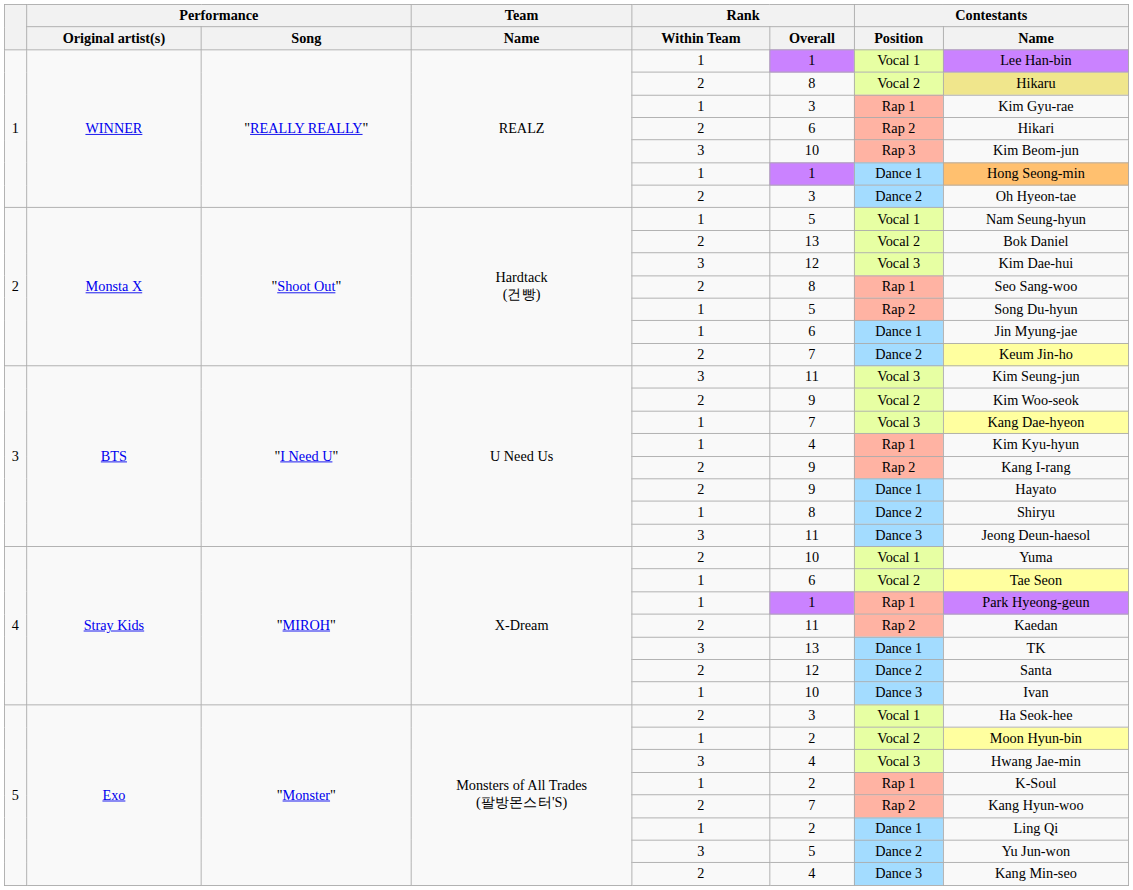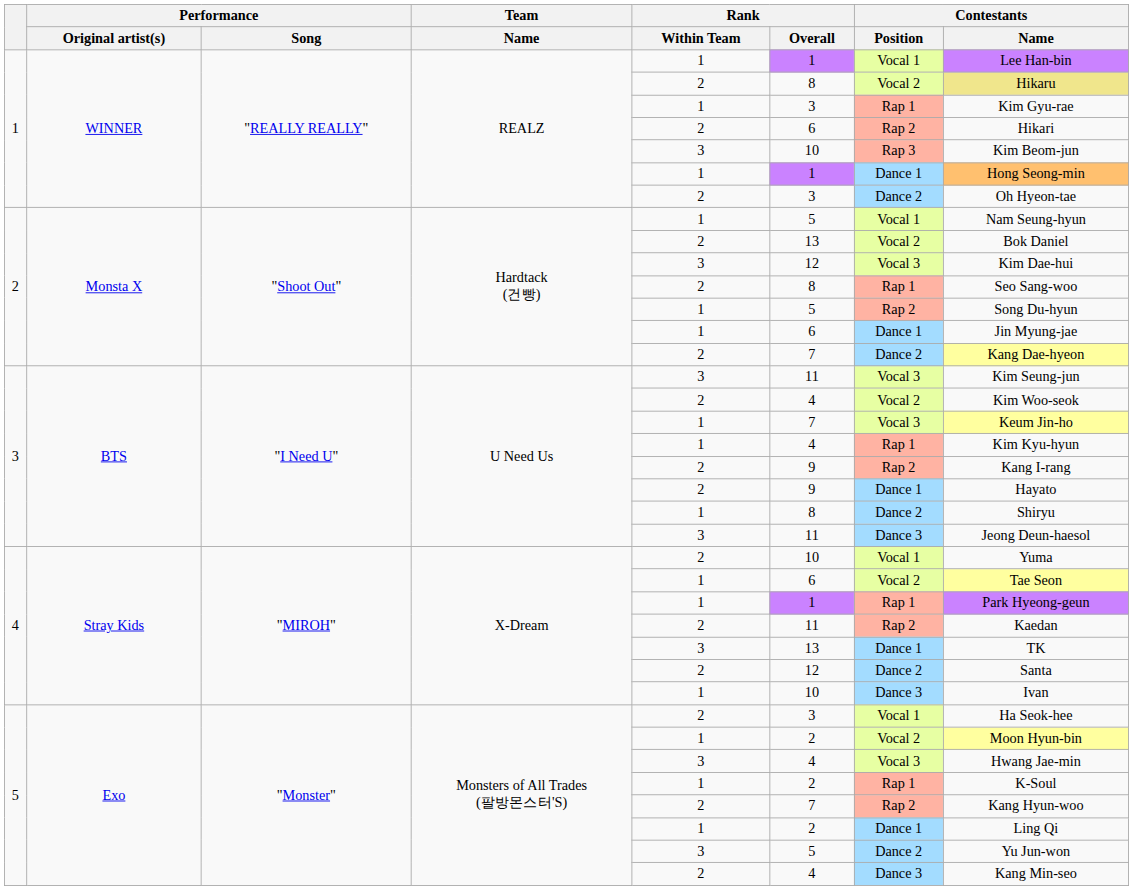 <table class="wikitable collapsible" style="width: 100%; text-align:center">
 <tr>
 <th rowspan="2"></th>
 <th colspan="2">Performance</th>
 <th>Team</th>
 <th colspan="2">Rank</th>
 <th colspan="2">Contestants</th>
 </tr>
 <tr>
 <th>Original artist(s)</th>
 <th>Song</th>
 <th>Name</th>
 <th>Within Team</th>
 <th>Overall</th>
 <th>Position</th>
 <th>Name</th>
 </tr>
 <tr>
 <td rowspan="7">1</td>
 <td rowspan="7"><a href='#'>WINNER</a></td>
 <td rowspan="7">"<a href='#'>REALLY REALLY</a>"</td>
 <td rowspan="7">REALZ</td>
 <td>1</td>
 <td style="background:#CA82FF">1</td>
 <td style="background:#E7FFA3">Vocal 1</td>
 <td style="background:#CA82FF">Lee Han-bin</td>
 </tr>
 <tr>
 <td>2</td>
 <td>8</td>
 <td style="background:#E7FFA3">Vocal 2</td>
 <td style="background: khaki;">Hikaru</td>
 </tr>
 <tr>
 <td>1</td>
 <td>3</td>
 <td style="background:#FFB3A3">Rap 1</td>
 <td>Kim Gyu-rae</td>
 </tr>
 <tr>
 <td>2</td>
 <td>6</td>
 <td style="background:#FFB3A3">Rap 2</td>
 <td>Hikari</td>
 </tr>
 <tr>
 <td>3</td>
 <td>10</td>
 <td style="background:#FFB3A3">Rap 3</td>
 <td>Kim Beom-jun</td>
 </tr>
 <tr>
 <td>1</td>
 <td style="background:#CA82FF">1</td>
 <td style="background:#A3DCFF">Dance 1</td>
 <td style="background:#FFC06F">Hong Seong-min</td>
 </tr>
 <tr>
 <td>2</td>
 <td>3</td>
 <td style="background:#A3DCFF">Dance 2</td>
 <td>Oh Hyeon-tae</td>
 </tr>
 <tr>
 <td rowspan="7">2</td>
 <td rowspan="7"><a href='#'>Monsta X</a></td>
 <td rowspan="7">"<a href='#'>Shoot Out</a>"</td>
 <td rowspan="7">Hardtack<br>(건빵)</td>
 <td>1</td>
 <td>5</td>
 <td style="background:#E7FFA3">Vocal 1</td>
 <td>Nam Seung-hyun</td>
 </tr>
 <tr>
 <td>2</td>
 <td>13</td>
 <td style="background:#E7FFA3">Vocal 2</td>
 <td>Bok Daniel</td>
 </tr>
 <tr>
 <td>3</td>
 <td>12</td>
 <td style="background:#E7FFA3">Vocal 3</td>
 <td>Kim Dae-hui</td>
 </tr>
 <tr>
 <td>2</td>
 <td>8</td>
 <td style="background:#FFB3A3">Rap 1</td>
 <td>Seo Sang-woo</td>
 </tr>
 <tr>
 <td>1</td>
 <td>5</td>
 <td style="background:#FFB3A3">Rap 2</td>
 <td>Song Du-hyun</td>
 </tr>
 <tr>
 <td>1</td>
 <td>6</td>
 <td style="background:#A3DCFF">Dance 1</td>
 <td>Jin Myung-jae</td>
 </tr>
 <tr>
 <td>2</td>
 <td>7</td>
 <td style="background:#A3DCFF">Dance 2</td>
-<td style="background:#FFFF9F">Keum Jin-ho</td>
+<td style="background:#FFFF9F">Kang Dae-hyeon</td>
 </tr>
 <tr>
 <td rowspan="8">3</td>
 <td rowspan="8"><a href='#'>BTS</a></td>
 <td rowspan="8">"<a href='#'>I Need U</a>"</td>
 <td rowspan="8">U Need Us</td>
 <td>3</td>
 <td>11</td>
 <td style="background:#E7FFA3">Vocal 3</td>
 <td>Kim Seung-jun</td>
 </tr>
 <tr>
 <td>2</td>
-<td>9</td>
+<td>4</td>
 <td style="background:#E7FFA3">Vocal 2</td>
 <td>Kim Woo-seok</td>
 </tr>
 <tr>
 <td>1</td>
 <td>7</td>
 <td style="background:#E7FFA3">Vocal 3</td>
-<td style="background:#FFFF9F">Kang Dae-hyeon</td>
+<td style="background:#FFFF9F">Keum Jin-ho</td>
 </tr>
 <tr>
 <td>1</td>
 <td>4</td>
 <td style="background:#FFB3A3">Rap 1</td>
 <td>Kim Kyu-hyun</td>
 </tr>
 <tr>
 <td>2</td>
 <td>9</td>
 <td style="background:#FFB3A3">Rap 2</td>
 <td>Kang I-rang</td>
 </tr>
 <tr>
 <td>2</td>
 <td>9</td>
 <td style="background:#A3DCFF">Dance 1</td>
 <td>Hayato</td>
 </tr>
 <tr>
 <td>1</td>
 <td>8</td>
 <td style="background:#A3DCFF">Dance 2</td>
 <td>Shiryu</td>
 </tr>
 <tr>
 <td>3</td>
 <td>11</td>
 <td style="background:#A3DCFF">Dance 3</td>
 <td>Jeong Deun-haesol</td>
 </tr>
 <tr>
 <td rowspan="7">4</td>
 <td rowspan="7"><a href='#'>Stray Kids</a></td>
 <td rowspan="7">"<a href='#'>MIROH</a>"</td>
 <td rowspan="7">X-Dream</td>
 <td>2</td>
 <td>10</td>
 <td style="background:#E7FFA3">Vocal 1</td>
 <td>Yuma</td>
 </tr>
 <tr>
 <td>1</td>
 <td>6</td>
 <td style="background:#E7FFA3">Vocal 2</td>
 <td style="background:#FFFF9F">Tae Seon</td>
 </tr>
 <tr>
 <td>1</td>
 <td style="background:#CA82FF">1</td>
 <td style="background:#FFB3A3">Rap 1</td>
 <td style="background:#CA82FF">Park Hyeong-geun</td>
 </tr>
 <tr>
 <td>2</td>
 <td>11</td>
 <td style="background:#FFB3A3">Rap 2</td>
 <td>Kaedan</td>
 </tr>
 <tr>
 <td>3</td>
 <td>13</td>
 <td style="background:#A3DCFF">Dance 1</td>
 <td>TK</td>
 </tr>
 <tr>
 <td>2</td>
 <td>12</td>
 <td style="background:#A3DCFF">Dance 2</td>
 <td>Santa</td>
 </tr>
 <tr>
 <td>1</td>
 <td>10</td>
 <td style="background:#A3DCFF">Dance 3</td>
 <td>Ivan</td>
 </tr>
 <tr>
 <td rowspan="8">5</td>
 <td rowspan="8"><a href='#'>Exo</a></td>
 <td rowspan="8">"<a href='#'>Monster</a>"</td>
 <td rowspan="8">Monsters of All Trades<br>(팔방몬스터'S)</td>
 <td>2</td>
 <td>3</td>
 <td style="background:#E7FFA3">Vocal 1</td>
 <td>Ha Seok-hee</td>
 </tr>
 <tr>
 <td>1</td>
 <td>2</td>
 <td style="background:#E7FFA3">Vocal 2</td>
 <td style="background:#FFFF9F">Moon Hyun-bin</td>
 </tr>
 <tr>
 <td>3</td>
 <td>4</td>
 <td style="background:#E7FFA3">Vocal 3</td>
 <td>Hwang Jae-min</td>
 </tr>
 <tr>
 <td>1</td>
 <td>2</td>
 <td style="background:#FFB3A3">Rap 1</td>
 <td>K-Soul</td>
 </tr>
 <tr>
 <td>2</td>
 <td>7</td>
 <td style="background:#FFB3A3">Rap 2</td>
 <td>Kang Hyun-woo</td>
 </tr>
 <tr>
 <td>1</td>
 <td>2</td>
 <td style="background:#A3DCFF">Dance 1</td>
 <td>Ling Qi</td>
 </tr>
 <tr>
 <td>3</td>
 <td>5</td>
 <td style="background:#A3DCFF">Dance 2</td>
 <td>Yu Jun-won</td>
 </tr>
 <tr>
 <td>2</td>
 <td>4</td>
 <td style="background:#A3DCFF">Dance 3</td>
 <td>Kang Min-seo</td>
 </tr>
 </table>
